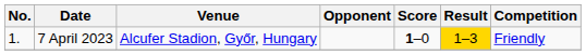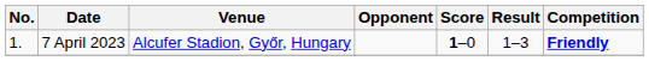 <table class="wikitable">
 <tr>
 <th>No.</th>
 <th>Date</th>
 <th>Venue</th>
 <th>Opponent</th>
 <th>Score</th>
 <th>Result</th>
 <th>Competition</th>
 </tr>
 <tr>
 <td>1.</td>
 <td>7 April 2023</td>
 <td><a href='#'>Alcufer Stadion</a>, <a href='#'>Győr</a>, <a href='#'>Hungary</a></td>
 <td></td>
 <td align=center><strong>1</strong>–0</td>
-<td align=center style="background: gold;">1–3</td>
-<td><a href='#'>Friendly</a></td>
+<td align=center>1–3</td>
+<td><strong><a href='#'>Friendly</a></strong></td>
 </tr>
 <tr>
 </tr>
 </table>
